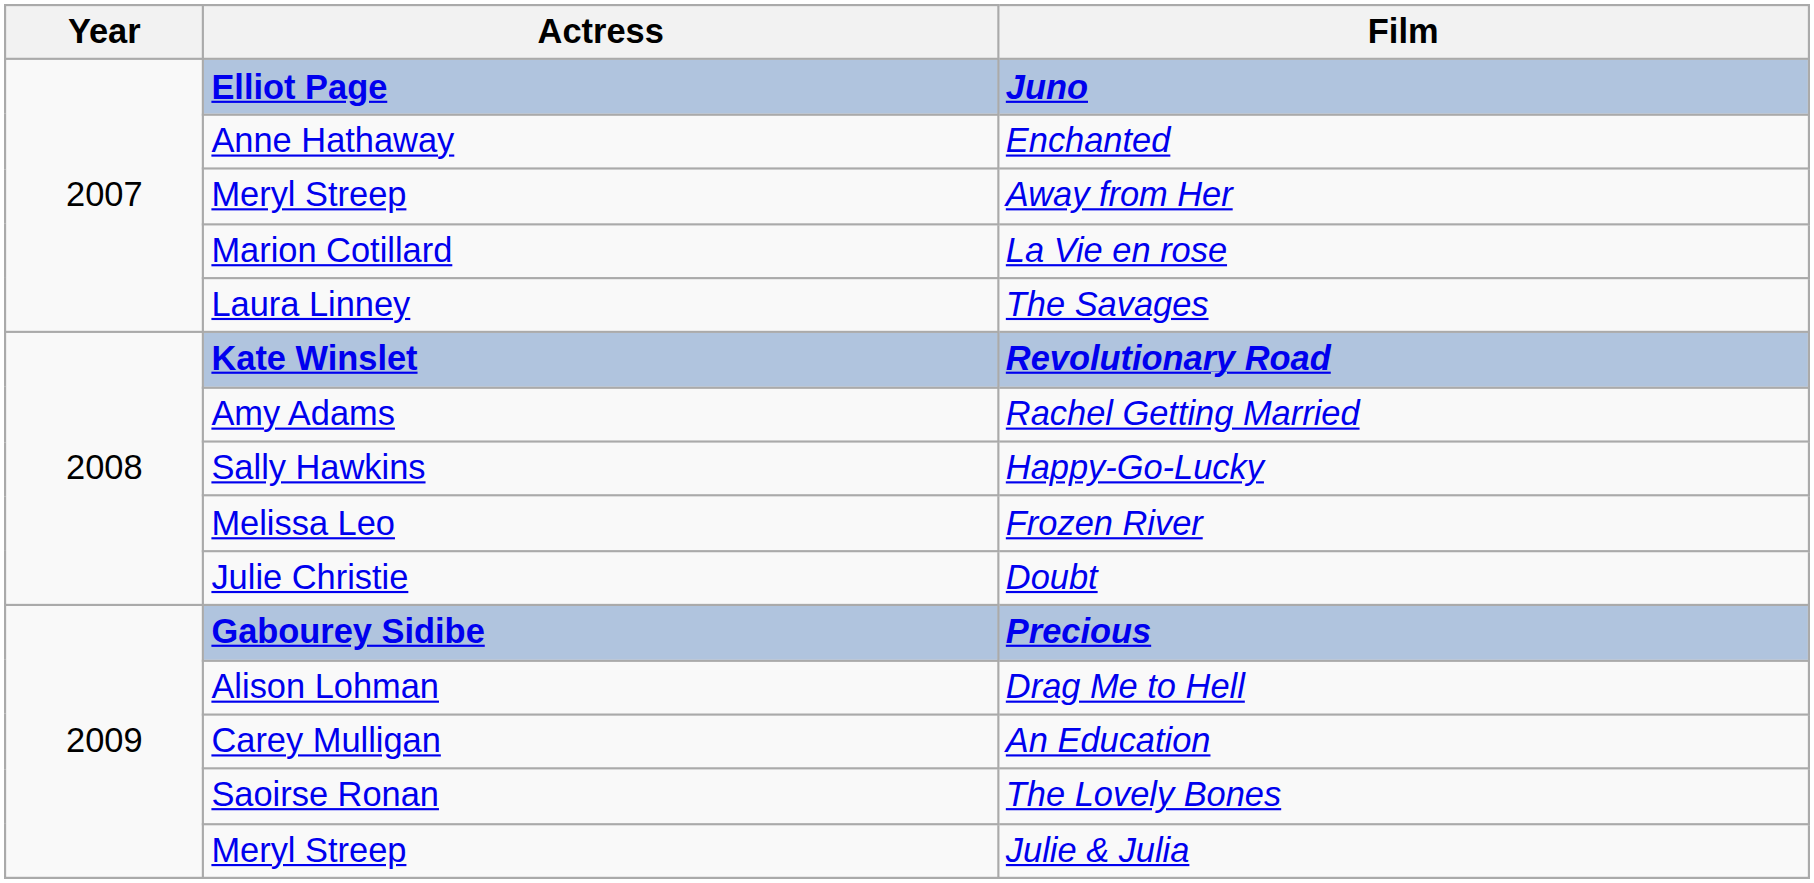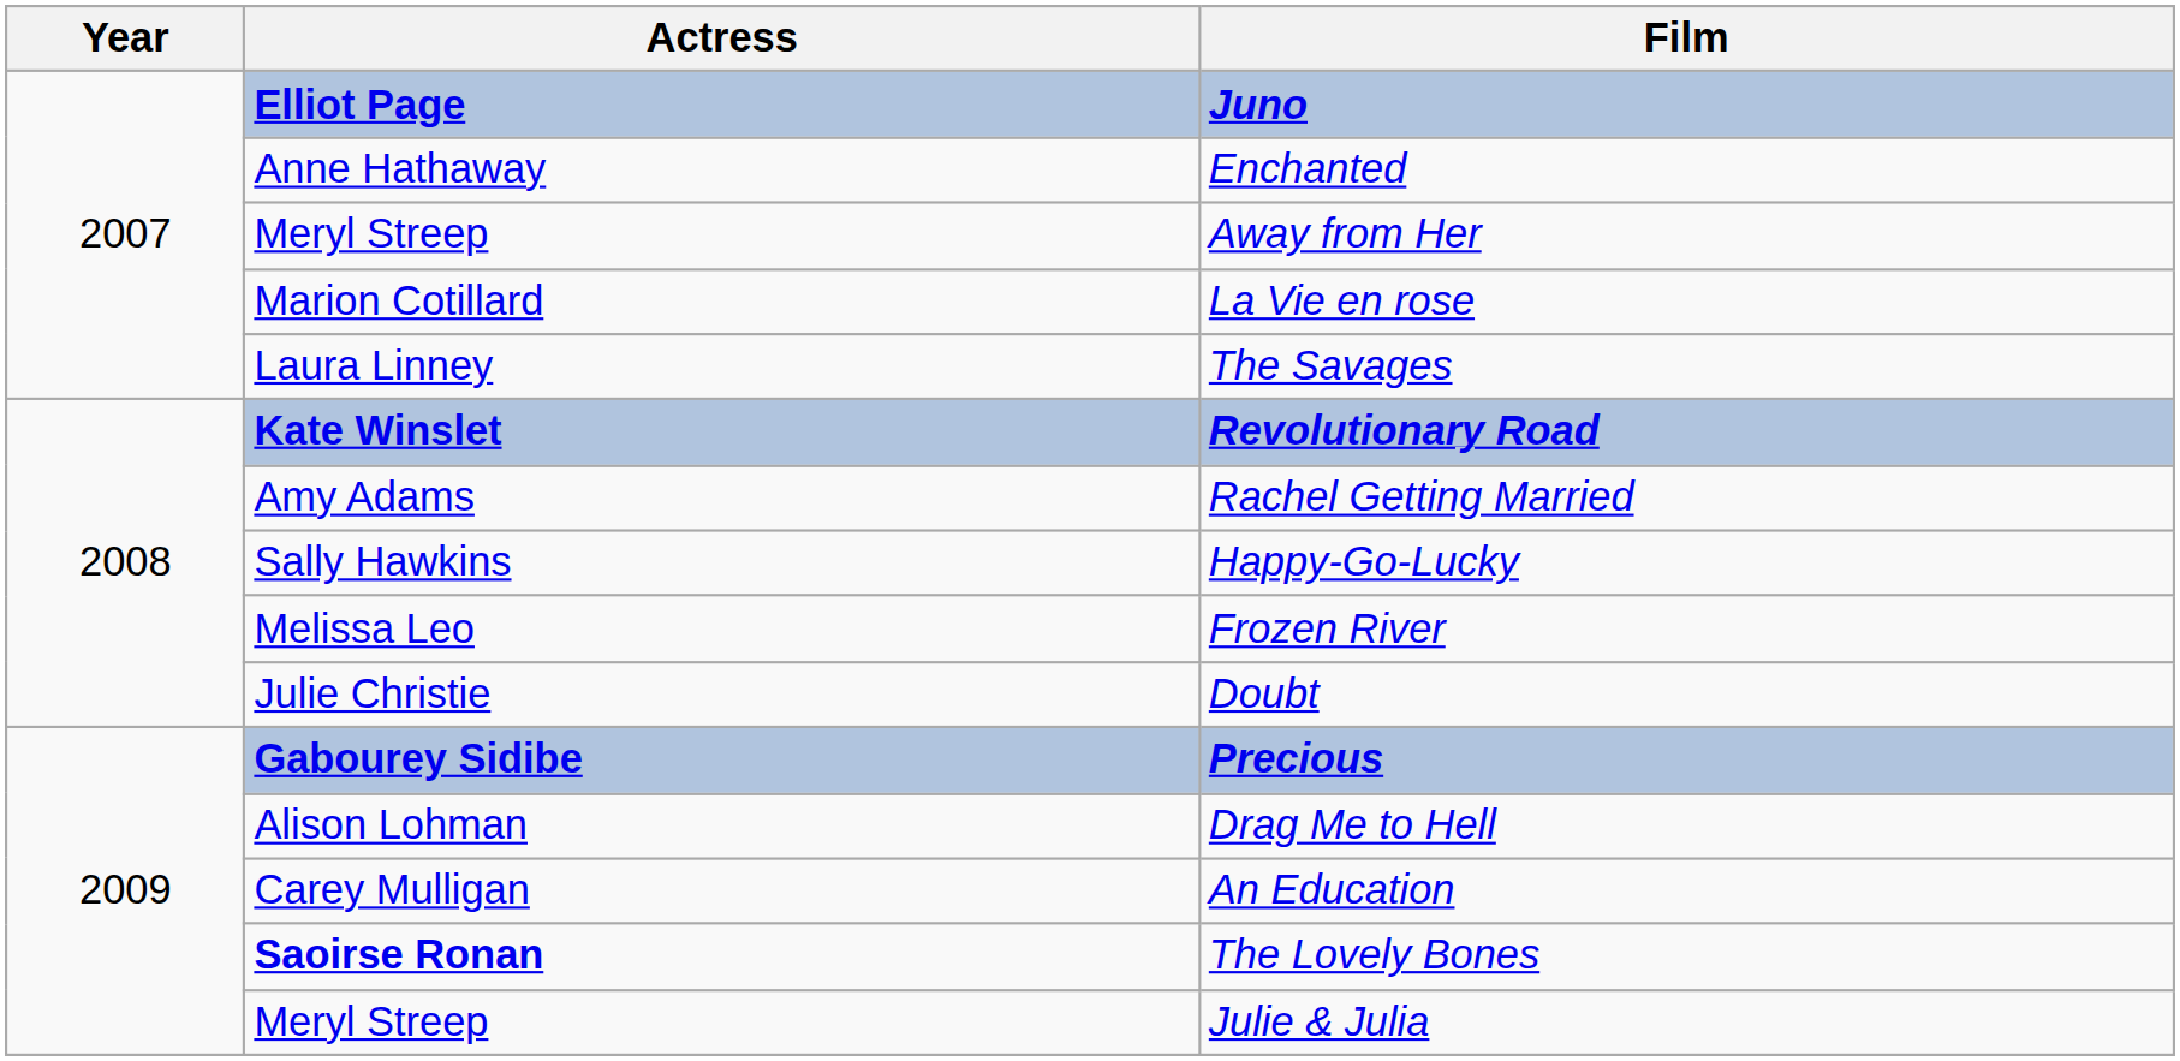 <table class="wikitable" width="95%" cellpadding="5">
 <tr>
 <th width="100"><strong>Year</strong></th>
 <th width="450"><strong>Actress</strong></th>
 <th width="450"><strong>Film</strong></th>
 </tr>
 <tr>
 <td rowspan=5 style="text-align:center;">2007<br></td>
 <td style="background:#B0C4DE;"><strong><a href='#'>Elliot Page</a></strong></td>
 <td style="background:#B0C4DE;"><strong><em><a href='#'>Juno</a></em></strong></td>
 </tr>
 <tr>
 <td><a href='#'>Anne Hathaway</a></td>
 <td><em><a href='#'>Enchanted</a></em></td>
 </tr>
 <tr>
 <td><a href='#'>Meryl Streep</a></td>
 <td><em><a href='#'>Away from Her</a></em></td>
 </tr>
 <tr>
 <td><a href='#'>Marion Cotillard</a></td>
 <td><em><a href='#'>La Vie en rose</a></em></td>
 </tr>
 <tr>
 <td><a href='#'>Laura Linney</a></td>
 <td><em><a href='#'>The Savages</a></em></td>
 </tr>
 <tr>
 <td rowspan=5 style="text-align:center;">2008<br></td>
 <td style="background:#B0C4DE;"><strong><a href='#'>Kate Winslet</a></strong></td>
 <td style="background:#B0C4DE;"><strong><em><a href='#'>Revolutionary Road</a></em></strong></td>
 </tr>
 <tr>
 <td><a href='#'>Amy Adams</a></td>
 <td><em><a href='#'>Rachel Getting Married</a></em></td>
 </tr>
 <tr>
 <td><a href='#'>Sally Hawkins</a></td>
 <td><em><a href='#'>Happy-Go-Lucky</a></em></td>
 </tr>
 <tr>
 <td><a href='#'>Melissa Leo</a></td>
 <td><em><a href='#'>Frozen River</a></em></td>
 </tr>
 <tr>
 <td><a href='#'>Julie Christie</a></td>
 <td><em><a href='#'>Doubt</a></em></td>
 </tr>
 <tr>
 <td rowspan=5 style="text-align:center;">2009<br></td>
 <td style="background:#B0C4DE;"><strong><a href='#'>Gabourey Sidibe</a></strong></td>
 <td style="background:#B0C4DE;"><strong><em><a href='#'>Precious</a></em></strong></td>
 </tr>
 <tr>
 <td><a href='#'>Alison Lohman</a></td>
 <td><em><a href='#'>Drag Me to Hell</a></em></td>
 </tr>
 <tr>
 <td><a href='#'>Carey Mulligan</a></td>
 <td><em><a href='#'>An Education</a></em></td>
 </tr>
 <tr>
-<td><a href='#'>Saoirse Ronan</a></td>
+<td><strong><a href='#'>Saoirse Ronan</a></strong></td>
 <td><em><a href='#'>The Lovely Bones</a></em></td>
 </tr>
 <tr>
 <td><a href='#'>Meryl Streep</a></td>
 <td><em><a href='#'>Julie & Julia</a></em></td>
 </tr>
 <tr>
 </tr>
 </table>
